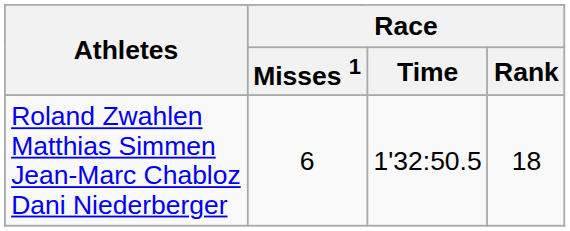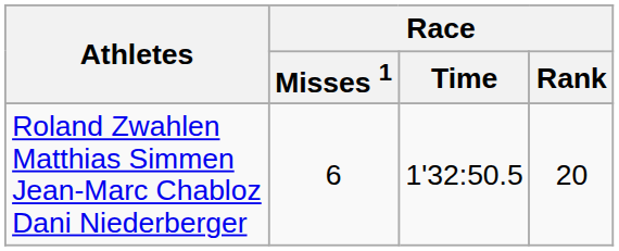 <table class="wikitable" style="font-size:90%">
 <tr>
 <th rowspan=2>Athletes</th>
 <th colspan=3>Race</th>
 </tr>
 <tr>
 <th>Misses <sup>1</sup></th>
 <th>Time</th>
 <th>Rank</th>
 </tr>
 <tr>
 <td><a href='#'>Roland Zwahlen</a><br><a href='#'>Matthias Simmen</a><br><a href='#'>Jean-Marc Chabloz</a><br><a href='#'>Dani Niederberger</a></td>
 <td align=center>6</td>
 <td align=center>1'32:50.5</td>
-<td align=center>18</td>
+<td align=center>20</td>
 </tr>
 </table>
